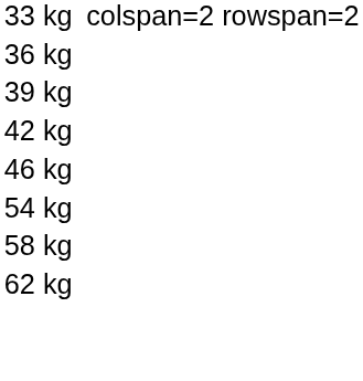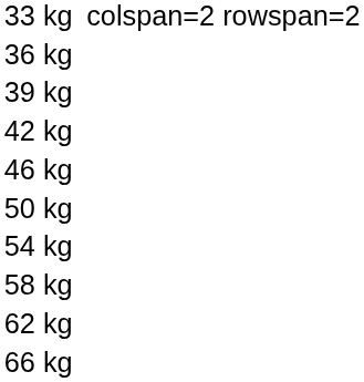 <table>
 <tr>
 <td>33 kg</td>
 <td></td>
 <td>colspan=2 rowspan=2 </td>
 </tr>
 <tr>
 <td>36 kg</td>
 <td></td>
 </tr>
 <tr>
 <td>39 kg</td>
 <td></td>
 <td></td>
 <td></td>
 </tr>
 <tr>
 <td>42 kg</td>
 <td></td>
 <td></td>
 <td></td>
 </tr>
 <tr>
 <td>46 kg</td>
 <td></td>
 <td></td>
 <td></td>
 </tr>
 <tr>
+<td>50 kg</td>
+<td></td>
+<td></td>
+<td></td>
+</tr>
+<tr>
 <td>54 kg</td>
 <td></td>
 <td></td>
 <td></td>
 </tr>
 <tr>
 <td rowspan=2>58 kg</td>
 <td rowspan=2></td>
 <td rowspan=2></td>
 <td></td>
 </tr>
 <tr>
 <td></td>
 </tr>
 <tr>
 <td>62 kg</td>
 <td></td>
 <td></td>
 <td></td>
 </tr>
+<tr>
+<td>66 kg</td>
+<td></td>
+<td></td>
+<td></td>
+</tr>
 </table>
